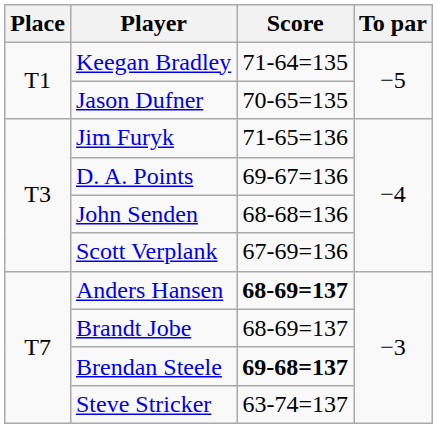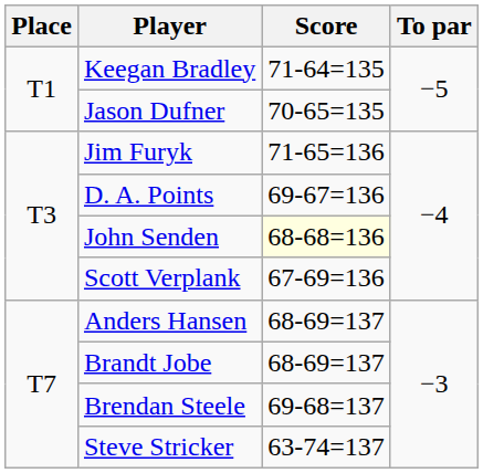 <table class="wikitable">
 <tr>
 <th>Place</th>
 <th>Player</th>
 <th>Score</th>
 <th>To par</th>
 </tr>
 <tr>
 <td rowspan="2" align=center>T1</td>
 <td> <a href='#'>Keegan Bradley</a></td>
 <td align=center>71-64=135</td>
 <td rowspan="2" align=center>−5</td>
 </tr>
 <tr>
 <td> <a href='#'>Jason Dufner</a></td>
 <td align=center>70-65=135</td>
 </tr>
 <tr>
 <td rowspan="4" align=center>T3</td>
 <td> <a href='#'>Jim Furyk</a></td>
 <td align=center>71-65=136</td>
 <td rowspan="4" align=center>−4</td>
 </tr>
 <tr>
 <td> <a href='#'>D. A. Points</a></td>
 <td align=center>69-67=136</td>
 </tr>
 <tr>
 <td> <a href='#'>John Senden</a></td>
-<td align=center>68-68=136</td>
+<td align=center style="background: lightyellow;">68-68=136</td>
 </tr>
 <tr>
 <td> <a href='#'>Scott Verplank</a></td>
 <td align=center>67-69=136</td>
 </tr>
 <tr>
 <td rowspan="4" align=center>T7</td>
 <td> <a href='#'>Anders Hansen</a></td>
-<td align=center><strong>68-69=137</strong></td>
+<td align=center>68-69=137</td>
 <td rowspan="4" align=center>−3</td>
 </tr>
 <tr>
 <td> <a href='#'>Brandt Jobe</a></td>
 <td align=center>68-69=137</td>
 </tr>
 <tr>
 <td> <a href='#'>Brendan Steele</a></td>
-<td align=center><strong>69-68=137</strong></td>
+<td align=center>69-68=137</td>
 </tr>
 <tr>
 <td> <a href='#'>Steve Stricker</a></td>
 <td align=center>63-74=137</td>
 </tr>
 </table>
